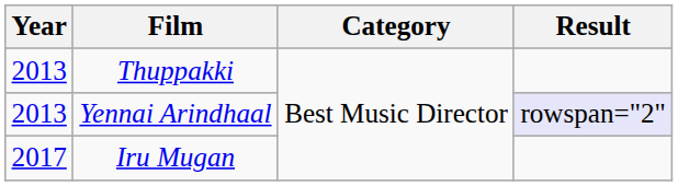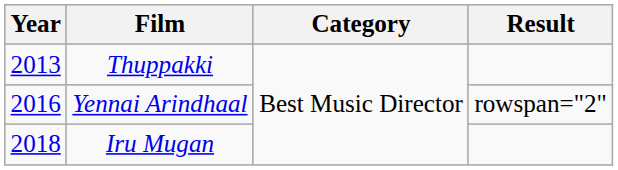 <table class="wikitable">
 <tr>
 <th>Year</th>
 <th>Film</th>
 <th>Category</th>
 <th>Result</th>
 </tr>
 <tr>
 <td style="text-align:center;"><a href='#'>2013</a></td>
 <td style="text-align:center;"><em><a href='#'>Thuppakki</a></em></td>
 <td style="text-align:center;" rowspan="3">Best Music Director</td>
 <td></td>
 </tr>
 <tr>
-<td style="text-align:center;"><a href='#'>2013</a></td>
+<td style="text-align:center;"><a href='#'>2016</a></td>
 <td style="text-align:center;"><em><a href='#'>Yennai Arindhaal</a></em></td>
-<td style="background: lavender;">rowspan="2" </td>
+<td>rowspan="2" </td>
 </tr>
 <tr>
-<td style="text-align:center;"><a href='#'>2017</a></td>
+<td style="text-align:center;"><a href='#'>2018</a></td>
 <td style="text-align:center;"><em><a href='#'>Iru Mugan</a></em></td>
 </tr>
 </table>
